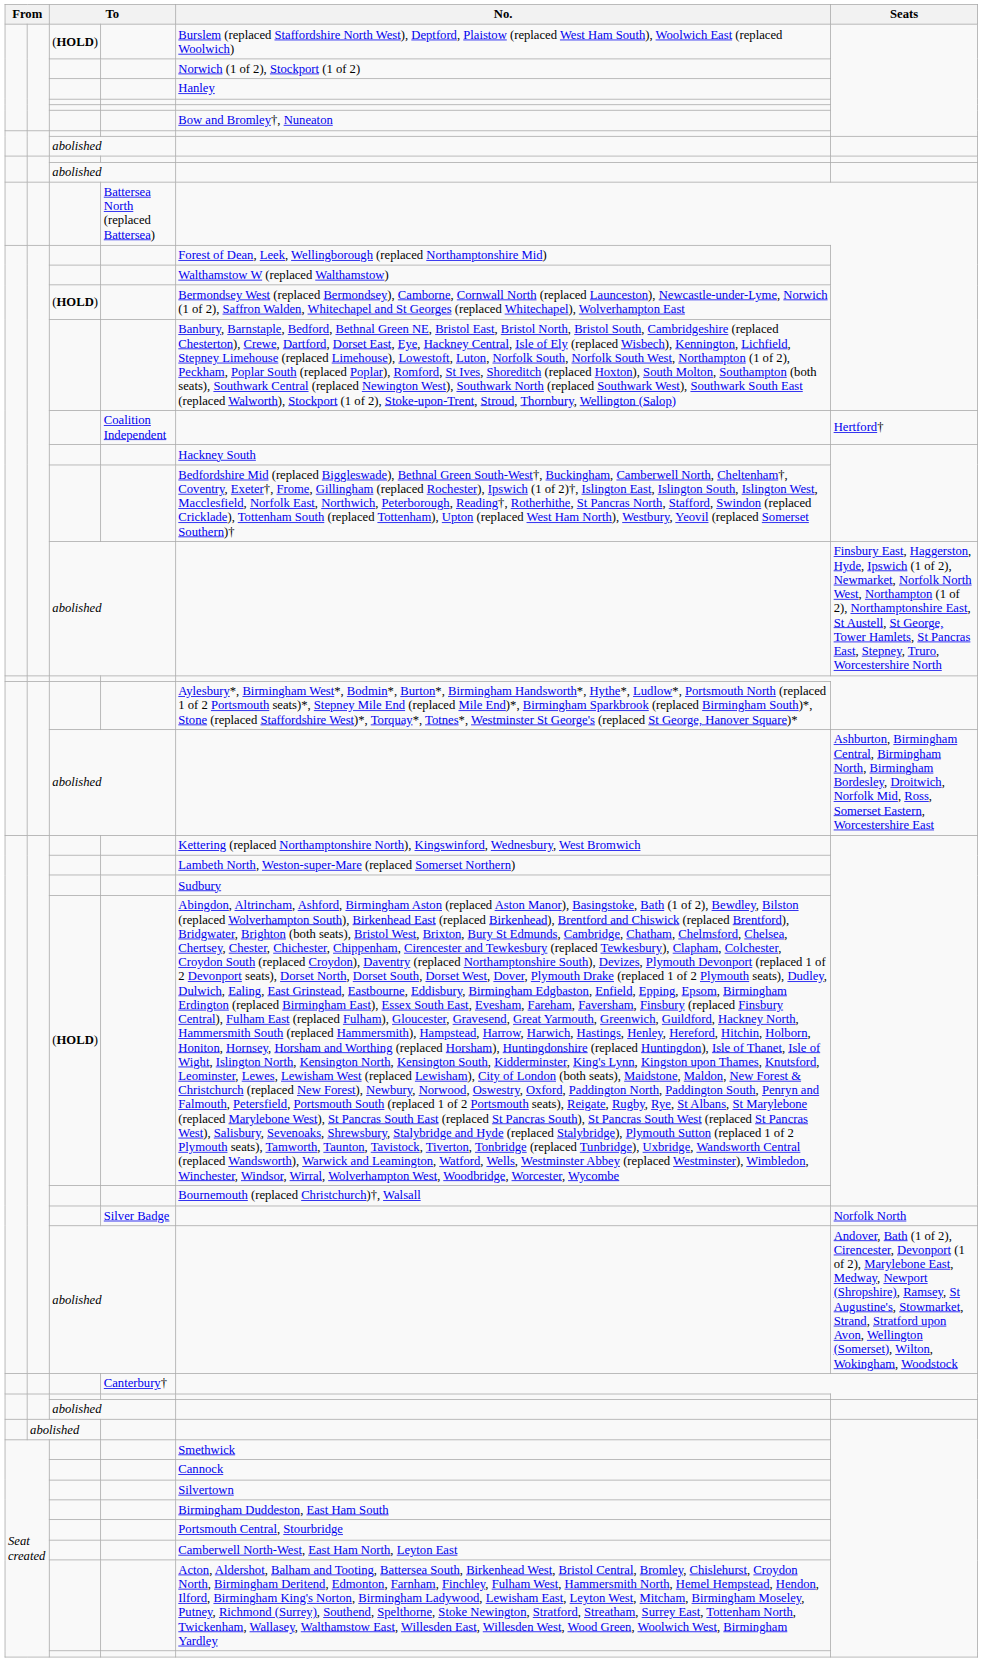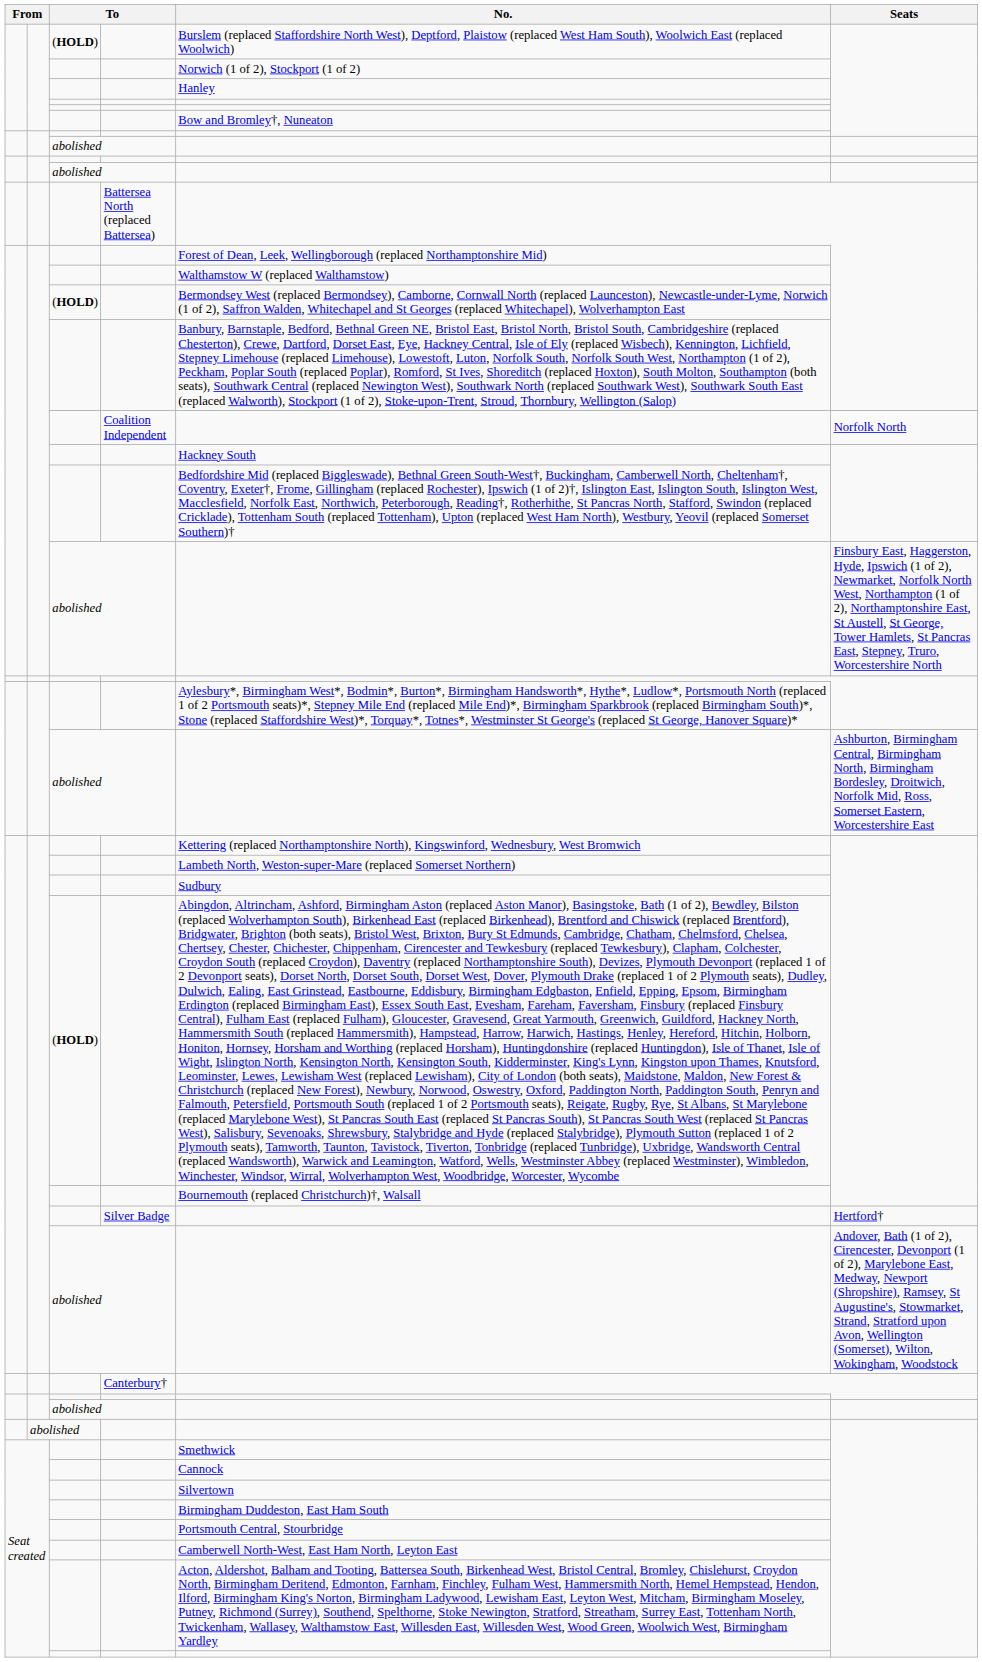 <table class="wikitable sortable" style="margin:1em">
 <tr>
 <th colspan=2>From</th>
 <th colspan=2>To</th>
 <th>No.</th>
 <th class=unsortable>Seats</th>
 </tr>
 <tr>
 <td rowspan="6" style="color:inherit;background:"></td>
 <td rowspan="6"></td>
 <td> (<strong>HOLD</strong>)</td>
 <td></td>
 <td><a href='#'>Burslem</a> (replaced <a href='#'>Staffordshire North West</a>), <a href='#'>Deptford</a>, <a href='#'>Plaistow</a> (replaced <a href='#'>West Ham South</a>), <a href='#'>Woolwich East</a> (replaced <a href='#'>Woolwich</a>)</td>
 </tr>
 <tr>
 <td></td>
 <td></td>
 <td><a href='#'>Norwich</a> (1 of 2), <a href='#'>Stockport</a> (1 of 2)</td>
 </tr>
 <tr>
 <td></td>
 <td></td>
 <td><a href='#'>Hanley</a></td>
 </tr>
 <tr>
 <td></td>
 <td></td>
 <td></td>
 </tr>
 <tr>
 <td></td>
 <td></td>
 <td></td>
 </tr>
 <tr>
 <td></td>
 <td></td>
 <td><a href='#'>Bow and Bromley</a>†, <a href='#'>Nuneaton</a></td>
 </tr>
 <tr>
 <td rowspan="2" style="color:inherit;background:"></td>
 <td rowspan="2"></td>
 <td></td>
 <td></td>
 <td></td>
 </tr>
 <tr>
 <td colspan=2><em>abolished</em></td>
 <td></td>
 <td></td>
 </tr>
 <tr>
 <td rowspan="2" style="color:inherit;background:"></td>
 <td rowspan="2"></td>
 <td></td>
 <td></td>
 <td></td>
 </tr>
 <tr>
 <td colspan=2><em>abolished</em></td>
 <td></td>
 <td></td>
 </tr>
 <tr>
 <td></td>
 <td></td>
 <td></td>
 <td><a href='#'>Battersea North</a> (replaced <a href='#'>Battersea</a>)</td>
 </tr>
 <tr>
 <td rowspan="8" style="color:inherit;background:"></td>
 <td rowspan="8"></td>
 <td></td>
 <td></td>
 <td><a href='#'>Forest of Dean</a>, <a href='#'>Leek</a>, <a href='#'>Wellingborough</a> (replaced <a href='#'>Northamptonshire Mid</a>)</td>
 </tr>
 <tr>
 <td></td>
 <td></td>
 <td><a href='#'>Walthamstow W</a> (replaced <a href='#'>Walthamstow</a>)</td>
 </tr>
 <tr>
 <td> (<strong>HOLD</strong>)</td>
 <td></td>
 <td><a href='#'>Bermondsey West</a> (replaced <a href='#'>Bermondsey</a>), <a href='#'>Camborne</a>, <a href='#'>Cornwall North</a> (replaced <a href='#'>Launceston</a>), <a href='#'>Newcastle-under-Lyme</a>, <a href='#'>Norwich</a> (1 of 2), <a href='#'>Saffron Walden</a>, <a href='#'>Whitechapel and St Georges</a> (replaced <a href='#'>Whitechapel</a>), <a href='#'>Wolverhampton East</a></td>
 </tr>
 <tr>
 <td></td>
 <td></td>
 <td><a href='#'>Banbury</a>, <a href='#'>Barnstaple</a>, <a href='#'>Bedford</a>, <a href='#'>Bethnal Green NE</a>, <a href='#'>Bristol East</a>, <a href='#'>Bristol North</a>, <a href='#'>Bristol South</a>, <a href='#'>Cambridgeshire</a> (replaced <a href='#'>Chesterton</a>), <a href='#'>Crewe</a>, <a href='#'>Dartford</a>, <a href='#'>Dorset East</a>, <a href='#'>Eye</a>, <a href='#'>Hackney Central</a>, <a href='#'>Isle of Ely</a> (replaced <a href='#'>Wisbech</a>), <a href='#'>Kennington</a>, <a href='#'>Lichfield</a>, <a href='#'>Stepney Limehouse</a> (replaced <a href='#'>Limehouse</a>), <a href='#'>Lowestoft</a>, <a href='#'>Luton</a>, <a href='#'>Norfolk South</a>, <a href='#'>Norfolk South West</a>, <a href='#'>Northampton</a> (1 of 2), <a href='#'>Peckham</a>, <a href='#'>Poplar South</a> (replaced <a href='#'>Poplar</a>), <a href='#'>Romford</a>, <a href='#'>St Ives</a>, <a href='#'>Shoreditch</a> (replaced <a href='#'>Hoxton</a>), <a href='#'>South Molton</a>, <a href='#'>Southampton</a> (both seats), <a href='#'>Southwark Central</a> (replaced <a href='#'>Newington West</a>), <a href='#'>Southwark North</a> (replaced <a href='#'>Southwark West</a>), <a href='#'>Southwark South East</a> (replaced <a href='#'>Walworth</a>), <a href='#'>Stockport</a> (1 of 2), <a href='#'>Stoke-upon-Trent</a>, <a href='#'>Stroud</a>, <a href='#'>Thornbury</a>, <a href='#'>Wellington (Salop)</a></td>
 </tr>
 <tr>
 <td style="color:inherit;background:"></td>
 <td><a href='#'>Coalition Independent</a></td>
 <td></td>
-<td><a href='#'>Hertford</a>†</td>
+<td><a href='#'>Norfolk North</a></td>
 </tr>
 <tr>
 <td></td>
 <td></td>
 <td><a href='#'>Hackney South</a></td>
 </tr>
 <tr>
 <td></td>
 <td></td>
 <td><a href='#'>Bedfordshire Mid</a> (replaced <a href='#'>Biggleswade</a>), <a href='#'>Bethnal Green South-West</a>†, <a href='#'>Buckingham</a>, <a href='#'>Camberwell North</a>, <a href='#'>Cheltenham</a>†, <a href='#'>Coventry</a>, <a href='#'>Exeter</a>†, <a href='#'>Frome</a>, <a href='#'>Gillingham</a> (replaced <a href='#'>Rochester</a>), <a href='#'>Ipswich</a> (1 of 2)†, <a href='#'>Islington East</a>, <a href='#'>Islington South</a>, <a href='#'>Islington West</a>, <a href='#'>Macclesfield</a>, <a href='#'>Norfolk East</a>, <a href='#'>Northwich</a>, <a href='#'>Peterborough</a>, <a href='#'>Reading</a>†, <a href='#'>Rotherhithe</a>, <a href='#'>St Pancras North</a>, <a href='#'>Stafford</a>, <a href='#'>Swindon</a> (replaced <a href='#'>Cricklade</a>), <a href='#'>Tottenham South</a> (replaced <a href='#'>Tottenham</a>), <a href='#'>Upton</a> (replaced <a href='#'>West Ham North</a>), <a href='#'>Westbury</a>, <a href='#'>Yeovil</a> (replaced <a href='#'>Somerset Southern</a>)†</td>
 </tr>
 <tr>
 <td colspan=2><em>abolished</em></td>
 <td></td>
 <td><a href='#'>Finsbury East</a>, <a href='#'>Haggerston</a>, <a href='#'>Hyde</a>, <a href='#'>Ipswich</a> (1 of 2), <a href='#'>Newmarket</a>, <a href='#'>Norfolk North West</a>, <a href='#'>Northampton</a> (1 of 2), <a href='#'>Northamptonshire East</a>, <a href='#'>St Austell</a>, <a href='#'>St George, Tower Hamlets</a>, <a href='#'>St Pancras East</a>, <a href='#'>Stepney</a>, <a href='#'>Truro</a>, <a href='#'>Worcestershire North</a></td>
 </tr>
 <tr>
 <td></td>
 <td></td>
 <td></td>
 <td></td>
 </tr>
 <tr>
 <td rowspan="2" style="color:inherit;background:"></td>
 <td rowspan="2"></td>
 <td></td>
 <td></td>
 <td><a href='#'>Aylesbury</a>*, <a href='#'>Birmingham West</a>*, <a href='#'>Bodmin</a>*, <a href='#'>Burton</a>*, <a href='#'>Birmingham Handsworth</a>*, <a href='#'>Hythe</a>*, <a href='#'>Ludlow</a>*, <a href='#'>Portsmouth North</a> (replaced 1 of 2 <a href='#'>Portsmouth</a> seats)*, <a href='#'>Stepney Mile End</a> (replaced <a href='#'>Mile End</a>)*, <a href='#'>Birmingham Sparkbrook</a> (replaced <a href='#'>Birmingham South</a>)*, <a href='#'>Stone</a> (replaced <a href='#'>Staffordshire West</a>)*, <a href='#'>Torquay</a>*, <a href='#'>Totnes</a>*, <a href='#'>Westminster St George's</a> (replaced <a href='#'>St George, Hanover Square</a>)*</td>
 </tr>
 <tr>
 <td colspan=2><em>abolished</em></td>
 <td></td>
 <td><a href='#'>Ashburton</a>, <a href='#'>Birmingham Central</a>, <a href='#'>Birmingham North</a>, <a href='#'>Birmingham Bordesley</a>, <a href='#'>Droitwich</a>, <a href='#'>Norfolk Mid</a>, <a href='#'>Ross</a>, <a href='#'>Somerset Eastern</a>, <a href='#'>Worcestershire East</a></td>
 </tr>
 <tr>
 <td rowspan="7" style="color:inherit;background:"></td>
 <td rowspan="7"></td>
 <td></td>
 <td></td>
 <td><a href='#'>Kettering</a> (replaced <a href='#'>Northamptonshire North</a>), <a href='#'>Kingswinford</a>, <a href='#'>Wednesbury</a>, <a href='#'>West Bromwich</a></td>
 </tr>
 <tr>
 <td></td>
 <td></td>
 <td><a href='#'>Lambeth North</a>, <a href='#'>Weston-super-Mare</a> (replaced <a href='#'>Somerset Northern</a>)</td>
 </tr>
 <tr>
 <td></td>
 <td></td>
 <td><a href='#'>Sudbury</a></td>
 </tr>
 <tr>
 <td> (<strong>HOLD</strong>)</td>
 <td></td>
 <td><a href='#'>Abingdon</a>, <a href='#'>Altrincham</a>, <a href='#'>Ashford</a>, <a href='#'>Birmingham Aston</a> (replaced <a href='#'>Aston Manor</a>), <a href='#'>Basingstoke</a>, <a href='#'>Bath</a> (1 of 2), <a href='#'>Bewdley</a>, <a href='#'>Bilston</a> (replaced <a href='#'>Wolverhampton South</a>), <a href='#'>Birkenhead East</a> (replaced <a href='#'>Birkenhead</a>), <a href='#'>Brentford and Chiswick</a> (replaced <a href='#'>Brentford</a>), <a href='#'>Bridgwater</a>, <a href='#'>Brighton</a> (both seats), <a href='#'>Bristol West</a>, <a href='#'>Brixton</a>, <a href='#'>Bury St Edmunds</a>, <a href='#'>Cambridge</a>, <a href='#'>Chatham</a>, <a href='#'>Chelmsford</a>, <a href='#'>Chelsea</a>, <a href='#'>Chertsey</a>, <a href='#'>Chester</a>, <a href='#'>Chichester</a>, <a href='#'>Chippenham</a>, <a href='#'>Cirencester and Tewkesbury</a> (replaced <a href='#'>Tewkesbury</a>), <a href='#'>Clapham</a>, <a href='#'>Colchester</a>, <a href='#'>Croydon South</a> (replaced <a href='#'>Croydon</a>), <a href='#'>Daventry</a> (replaced <a href='#'>Northamptonshire South</a>), <a href='#'>Devizes</a>, <a href='#'>Plymouth Devonport</a> (replaced 1 of 2 <a href='#'>Devonport</a> seats), <a href='#'>Dorset North</a>, <a href='#'>Dorset South</a>, <a href='#'>Dorset West</a>, <a href='#'>Dover</a>, <a href='#'>Plymouth Drake</a> (replaced 1 of 2 <a href='#'>Plymouth</a> seats), <a href='#'>Dudley</a>, <a href='#'>Dulwich</a>, <a href='#'>Ealing</a>, <a href='#'>East Grinstead</a>, <a href='#'>Eastbourne</a>, <a href='#'>Eddisbury</a>, <a href='#'>Birmingham Edgbaston</a>, <a href='#'>Enfield</a>, <a href='#'>Epping</a>, <a href='#'>Epsom</a>, <a href='#'>Birmingham Erdington</a> (replaced <a href='#'>Birmingham East</a>), <a href='#'>Essex South East</a>, <a href='#'>Evesham</a>, <a href='#'>Fareham</a>, <a href='#'>Faversham</a>, <a href='#'>Finsbury</a> (replaced <a href='#'>Finsbury Central</a>), <a href='#'>Fulham East</a> (replaced <a href='#'>Fulham</a>), <a href='#'>Gloucester</a>, <a href='#'>Gravesend</a>, <a href='#'>Great Yarmouth</a>, <a href='#'>Greenwich</a>, <a href='#'>Guildford</a>, <a href='#'>Hackney North</a>, <a href='#'>Hammersmith South</a> (replaced <a href='#'>Hammersmith</a>), <a href='#'>Hampstead</a>, <a href='#'>Harrow</a>, <a href='#'>Harwich</a>, <a href='#'>Hastings</a>, <a href='#'>Henley</a>, <a href='#'>Hereford</a>, <a href='#'>Hitchin</a>, <a href='#'>Holborn</a>, <a href='#'>Honiton</a>, <a href='#'>Hornsey</a>, <a href='#'>Horsham and Worthing</a> (replaced <a href='#'>Horsham</a>), <a href='#'>Huntingdonshire</a> (replaced <a href='#'>Huntingdon</a>), <a href='#'>Isle of Thanet</a>, <a href='#'>Isle of Wight</a>, <a href='#'>Islington North</a>, <a href='#'>Kensington North</a>, <a href='#'>Kensington South</a>, <a href='#'>Kidderminster</a>, <a href='#'>King's Lynn</a>, <a href='#'>Kingston upon Thames</a>, <a href='#'>Knutsford</a>, <a href='#'>Leominster</a>, <a href='#'>Lewes</a>, <a href='#'>Lewisham West</a> (replaced <a href='#'>Lewisham</a>), <a href='#'>City of London</a> (both seats), <a href='#'>Maidstone</a>, <a href='#'>Maldon</a>, <a href='#'>New Forest & Christchurch</a> (replaced <a href='#'>New Forest</a>), <a href='#'>Newbury</a>, <a href='#'>Norwood</a>, <a href='#'>Oswestry</a>, <a href='#'>Oxford</a>, <a href='#'>Paddington North</a>, <a href='#'>Paddington South</a>, <a href='#'>Penryn and Falmouth</a>, <a href='#'>Petersfield</a>, <a href='#'>Portsmouth South</a> (replaced 1 of 2 <a href='#'>Portsmouth</a> seats), <a href='#'>Reigate</a>, <a href='#'>Rugby</a>, <a href='#'>Rye</a>, <a href='#'>St Albans</a>, <a href='#'>St Marylebone</a> (replaced <a href='#'>Marylebone West</a>), <a href='#'>St Pancras South East</a> (replaced <a href='#'>St Pancras South</a>), <a href='#'>St Pancras South West</a> (replaced <a href='#'>St Pancras West</a>), <a href='#'>Salisbury</a>, <a href='#'>Sevenoaks</a>, <a href='#'>Shrewsbury</a>, <a href='#'>Stalybridge and Hyde</a> (replaced <a href='#'>Stalybridge</a>), <a href='#'>Plymouth Sutton</a> (replaced 1 of 2 <a href='#'>Plymouth</a> seats), <a href='#'>Tamworth</a>, <a href='#'>Taunton</a>, <a href='#'>Tavistock</a>, <a href='#'>Tiverton</a>, <a href='#'>Tonbridge</a> (replaced <a href='#'>Tunbridge</a>), <a href='#'>Uxbridge</a>, <a href='#'>Wandsworth Central</a> (replaced <a href='#'>Wandsworth</a>), <a href='#'>Warwick and Leamington</a>, <a href='#'>Watford</a>, <a href='#'>Wells</a>, <a href='#'>Westminster Abbey</a> (replaced <a href='#'>Westminster</a>), <a href='#'>Wimbledon</a>, <a href='#'>Winchester</a>, <a href='#'>Windsor</a>, <a href='#'>Wirral</a>, <a href='#'>Wolverhampton West</a>, <a href='#'>Woodbridge</a>, <a href='#'>Worcester</a>, <a href='#'>Wycombe</a></td>
 </tr>
 <tr>
 <td></td>
 <td></td>
 <td><a href='#'>Bournemouth</a> (replaced <a href='#'>Christchurch</a>)†, <a href='#'>Walsall</a></td>
 </tr>
 <tr>
 <td></td>
 <td><a href='#'>Silver Badge</a></td>
 <td></td>
-<td><a href='#'>Norfolk North</a></td>
+<td><a href='#'>Hertford</a>†</td>
 </tr>
 <tr>
 <td colspan=2><em>abolished</em></td>
 <td></td>
 <td><a href='#'>Andover</a>, <a href='#'>Bath</a> (1 of 2), <a href='#'>Cirencester</a>, <a href='#'>Devonport</a> (1 of 2), <a href='#'>Marylebone East</a>, <a href='#'>Medway</a>, <a href='#'>Newport (Shropshire)</a>, <a href='#'>Ramsey</a>, <a href='#'>St Augustine's</a>, <a href='#'>Stowmarket</a>, <a href='#'>Strand</a>, <a href='#'>Stratford upon Avon</a>, <a href='#'>Wellington (Somerset)</a>, <a href='#'>Wilton</a>, <a href='#'>Wokingham</a>, <a href='#'>Woodstock</a></td>
 </tr>
 <tr>
 <td></td>
 <td></td>
 <td></td>
 <td><a href='#'>Canterbury</a>†</td>
 </tr>
 <tr>
 <td rowspan="2" style="color:inherit;background:"></td>
 <td rowspan="2"></td>
 <td></td>
 <td></td>
 <td></td>
 </tr>
 <tr>
 <td colspan=2><em>abolished</em></td>
 <td></td>
 <td></td>
 </tr>
 <tr>
 <td></td>
 <td colspan=2><em>abolished</em></td>
 <td></td>
 <td></td>
 </tr>
 <tr>
 <td colspan="2" rowspan="8"><em>Seat created</em></td>
 <td></td>
 <td></td>
 <td><a href='#'>Smethwick</a></td>
 </tr>
 <tr>
 <td></td>
 <td></td>
 <td><a href='#'>Cannock</a></td>
 </tr>
 <tr>
 <td></td>
 <td></td>
 <td><a href='#'>Silvertown</a></td>
 </tr>
 <tr>
 <td></td>
 <td></td>
 <td><a href='#'>Birmingham Duddeston</a>, <a href='#'>East Ham South</a></td>
 </tr>
 <tr>
 <td></td>
 <td></td>
 <td><a href='#'>Portsmouth Central</a>, <a href='#'>Stourbridge</a></td>
 </tr>
 <tr>
 <td></td>
 <td></td>
 <td><a href='#'>Camberwell North-West</a>, <a href='#'>East Ham North</a>, <a href='#'>Leyton East</a></td>
 </tr>
 <tr>
 <td></td>
 <td></td>
 <td><a href='#'>Acton</a>, <a href='#'>Aldershot</a>, <a href='#'>Balham and Tooting</a>, <a href='#'>Battersea South</a>, <a href='#'>Birkenhead West</a>, <a href='#'>Bristol Central</a>, <a href='#'>Bromley</a>, <a href='#'>Chislehurst</a>, <a href='#'>Croydon North</a>, <a href='#'>Birmingham Deritend</a>, <a href='#'>Edmonton</a>, <a href='#'>Farnham</a>, <a href='#'>Finchley</a>, <a href='#'>Fulham West</a>, <a href='#'>Hammersmith North</a>, <a href='#'>Hemel Hempstead</a>, <a href='#'>Hendon</a>, <a href='#'>Ilford</a>, <a href='#'>Birmingham King's Norton</a>, <a href='#'>Birmingham Ladywood</a>, <a href='#'>Lewisham East</a>, <a href='#'>Leyton West</a>, <a href='#'>Mitcham</a>, <a href='#'>Birmingham Moseley</a>, <a href='#'>Putney</a>, <a href='#'>Richmond (Surrey)</a>, <a href='#'>Southend</a>, <a href='#'>Spelthorne</a>, <a href='#'>Stoke Newington</a>, <a href='#'>Stratford</a>, <a href='#'>Streatham</a>, <a href='#'>Surrey East</a>, <a href='#'>Tottenham North</a>, <a href='#'>Twickenham</a>, <a href='#'>Wallasey</a>, <a href='#'>Walthamstow East</a>, <a href='#'>Willesden East</a>, <a href='#'>Willesden West</a>, <a href='#'>Wood Green</a>, <a href='#'>Woolwich West</a>, <a href='#'>Birmingham Yardley</a></td>
 </tr>
 <tr>
 <td></td>
 <td></td>
 <td></td>
 </tr>
 </table>
